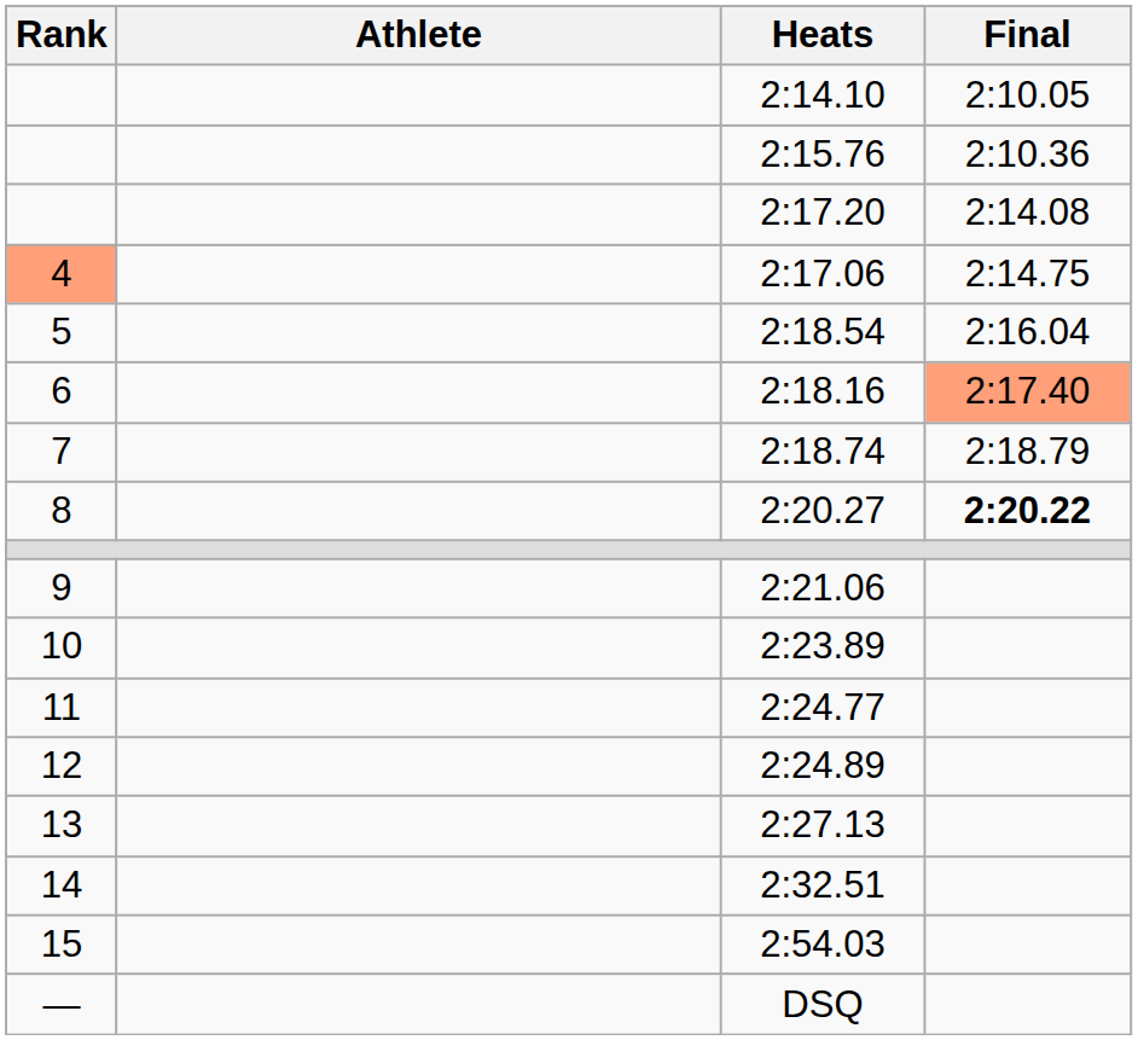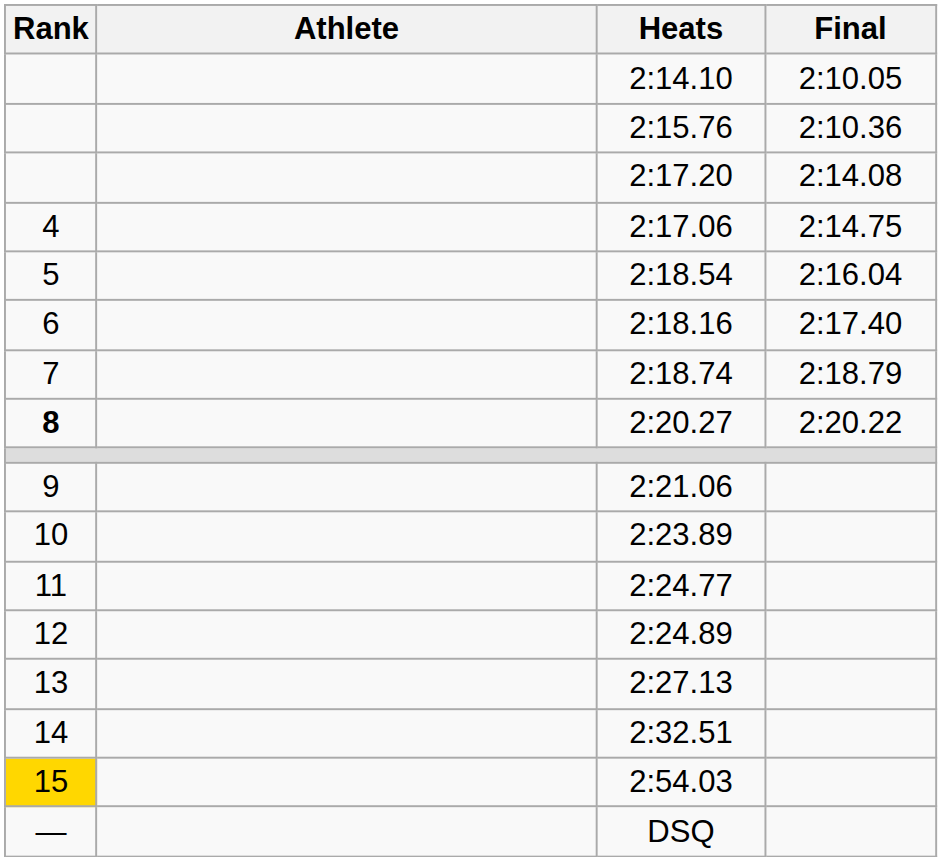 <table class=wikitable style="text-align:center">
 <tr>
 <th width=40>Rank</th>
 <th width=250>Athlete</th>
 <th width=80>Heats</th>
 <th width=80>Final</th>
 </tr>
 <tr>
 <td></td>
 <td align=left></td>
 <td>2:14.10</td>
 <td>2:10.05</td>
 </tr>
 <tr>
 <td></td>
 <td align=left></td>
 <td>2:15.76</td>
 <td>2:10.36</td>
 </tr>
 <tr>
 <td></td>
 <td align=left></td>
 <td>2:17.20</td>
 <td>2:14.08</td>
 </tr>
 <tr>
-<td style="background: lightsalmon;">4</td>
+<td>4</td>
 <td align=left></td>
 <td>2:17.06</td>
 <td>2:14.75</td>
 </tr>
 <tr>
 <td>5</td>
 <td align=left></td>
 <td>2:18.54</td>
 <td>2:16.04</td>
 </tr>
 <tr>
 <td>6</td>
 <td align=left></td>
 <td>2:18.16</td>
-<td style="background: lightsalmon;">2:17.40</td>
+<td>2:17.40</td>
 </tr>
 <tr>
 <td>7</td>
 <td align=left></td>
 <td>2:18.74</td>
 <td>2:18.79</td>
 </tr>
 <tr>
-<td>8</td>
+<td><strong>8</strong></td>
 <td align=left></td>
 <td>2:20.27</td>
-<td><strong>2:20.22</strong></td>
+<td>2:20.22</td>
 </tr>
 <tr bgcolor=#DDDDDD>
 <td colspan=4></td>
 </tr>
 <tr>
 <td>9</td>
 <td align=left></td>
 <td>2:21.06</td>
 <td></td>
 </tr>
 <tr>
 <td>10</td>
 <td align=left></td>
 <td>2:23.89</td>
 <td></td>
 </tr>
 <tr>
 <td>11</td>
 <td align=left></td>
 <td>2:24.77</td>
 <td></td>
 </tr>
 <tr>
 <td>12</td>
 <td align=left></td>
 <td>2:24.89</td>
 <td></td>
 </tr>
 <tr>
 <td>13</td>
 <td align=left></td>
 <td>2:27.13</td>
 <td></td>
 </tr>
 <tr>
 <td>14</td>
 <td align=left></td>
 <td>2:32.51</td>
 <td></td>
 </tr>
 <tr>
-<td>15</td>
+<td style="background: gold;">15</td>
 <td align=left></td>
 <td>2:54.03</td>
 <td></td>
 </tr>
 <tr>
 <td>—</td>
 <td align=left></td>
 <td>DSQ</td>
 <td></td>
 </tr>
 </table>
